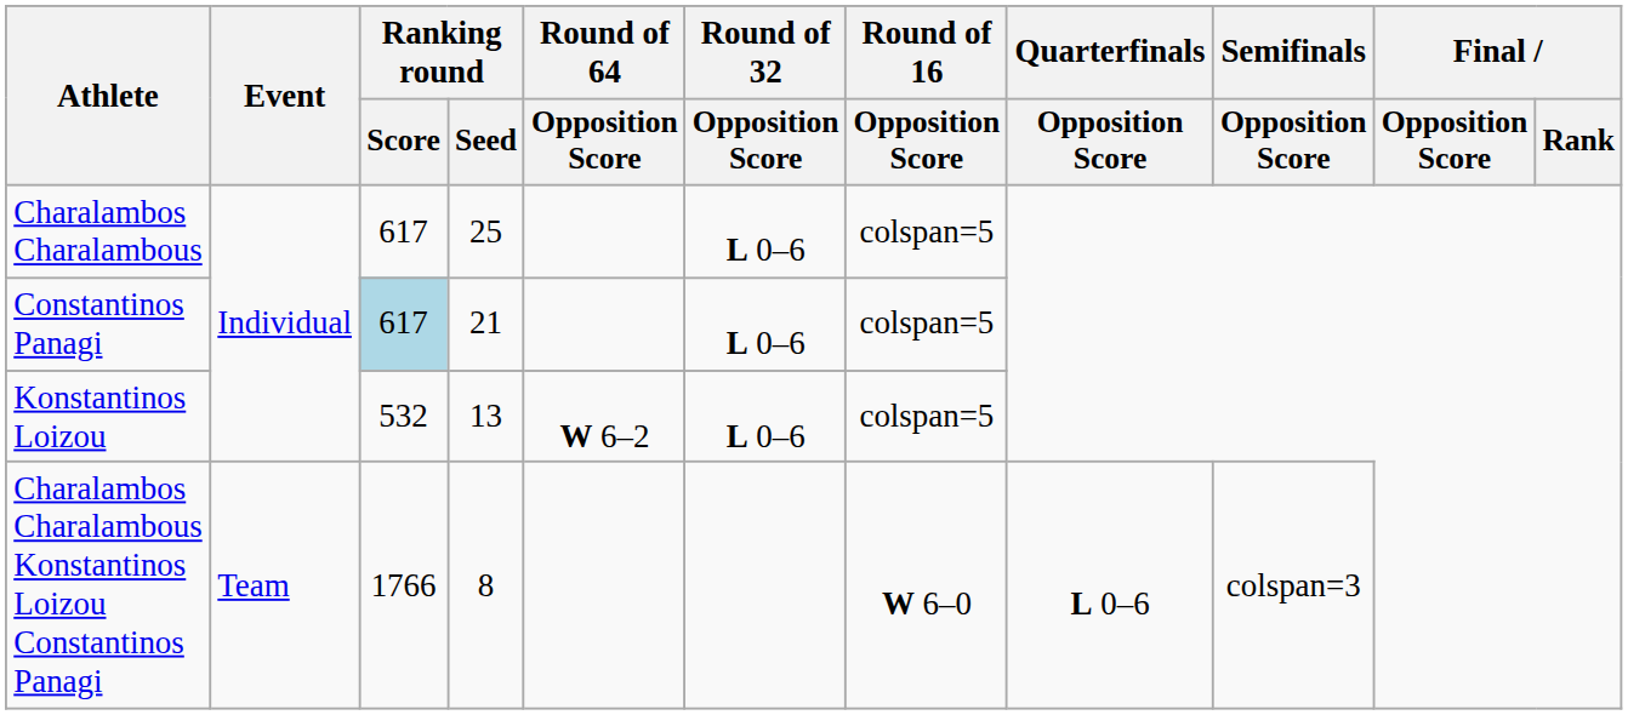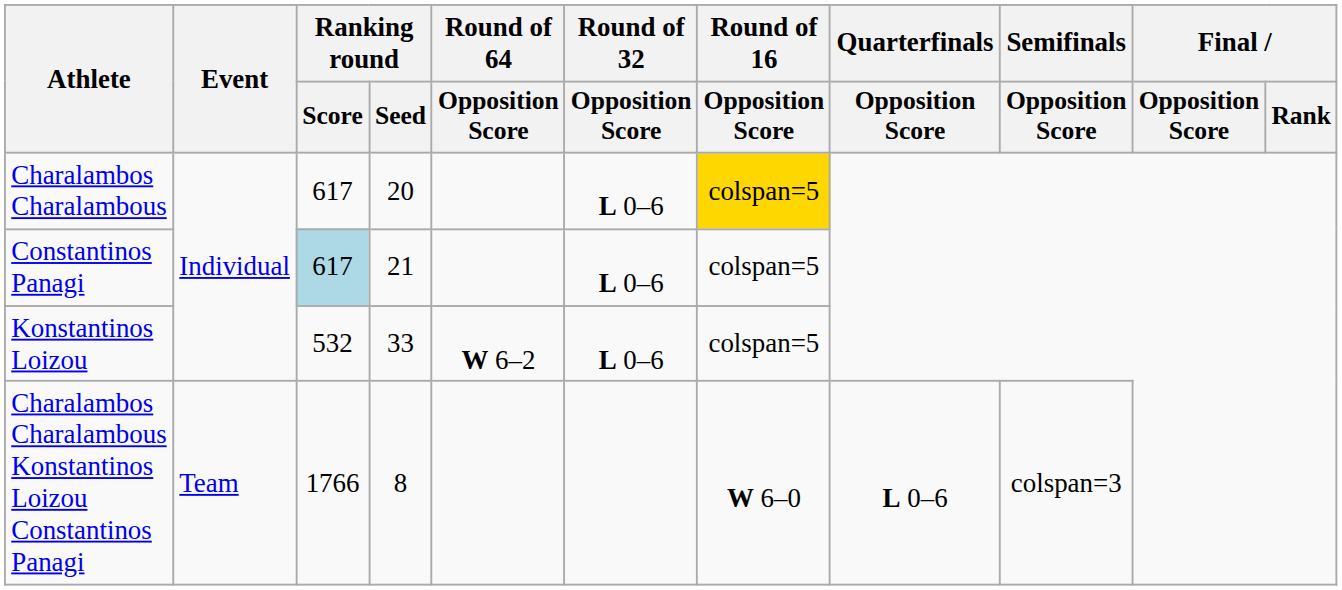 <table class="wikitable" style="font-size:90%">
 <tr>
 <th rowspan=2>Athlete</th>
 <th rowspan=2>Event</th>
 <th colspan=2>Ranking round</th>
 <th>Round of 64</th>
 <th>Round of 32</th>
 <th>Round of 16</th>
 <th>Quarterfinals</th>
 <th>Semifinals</th>
 <th colspan=2>Final / </th>
 </tr>
 <tr style="font-size:95%">
 <th>Score</th>
 <th>Seed</th>
 <th>Opposition<br>Score</th>
 <th>Opposition<br>Score</th>
 <th>Opposition<br>Score</th>
 <th>Opposition<br>Score</th>
 <th>Opposition<br>Score</th>
 <th>Opposition<br>Score</th>
 <th>Rank</th>
 </tr>
 <tr align=center>
 <td align=left><a href='#'>Charalambos Charalambous</a></td>
 <td rowspan = 3 align=left><a href='#'>Individual</a></td>
 <td>617</td>
-<td>25</td>
+<td>20</td>
 <td></td>
 <td><br><strong>L</strong> 0–6</td>
-<td>colspan=5 </td>
+<td style="background: gold;">colspan=5 </td>
 </tr>
 <tr align=center>
 <td align=left><a href='#'>Constantinos Panagi</a></td>
 <td style="background: lightblue;">617</td>
 <td>21</td>
 <td></td>
 <td><br><strong>L</strong> 0–6</td>
 <td>colspan=5 </td>
 </tr>
 <tr align=center>
 <td align=left><a href='#'>Konstantinos Loizou</a></td>
 <td>532</td>
-<td>13</td>
+<td>33</td>
 <td><br><strong>W</strong> 6–2</td>
 <td><br><strong>L</strong> 0–6</td>
 <td>colspan=5 </td>
 </tr>
 <tr align=center>
 <td align=left><a href='#'>Charalambos Charalambous</a><br><a href='#'>Konstantinos Loizou</a><br><a href='#'>Constantinos Panagi</a></td>
 <td align=left><a href='#'>Team</a></td>
 <td>1766</td>
 <td>8</td>
 <td></td>
 <td></td>
 <td><br><strong>W</strong> 6–0</td>
 <td><br><strong>L</strong> 0–6</td>
 <td>colspan=3 </td>
 </tr>
 </table>
